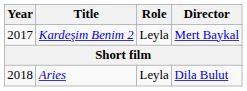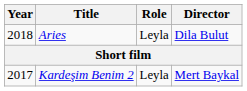 <table class="wikitable">
 <tr>
 <th>Year</th>
 <th>Title</th>
 <th>Role</th>
 <th>Director</th>
 </tr>
 <tr>
+<td>2018</td>
+<td><em><a href='#'>Aries</a></em></td>
+<td>Leyla</td>
+<td><a href='#'>Dila Bulut</a></td>
+</tr>
+<tr>
+<th colspan="4" style="“background:#8C645B”">Short film</th>
+</tr>
+<tr>
 <td>2017</td>
 <td><em><a href='#'>Kardeşim Benim 2</a></em></td>
 <td>Leyla</td>
 <td><a href='#'>Mert Baykal</a></td>
 </tr>
-<tr>
-<th colspan="4" style="“background:#8C645B”">Short film</th>
-</tr>
-<tr>
-<td>2018</td>
-<td><em><a href='#'>Aries</a></em></td>
-<td>Leyla</td>
-<td><a href='#'>Dila Bulut</a></td>
-</tr>
 </table>
